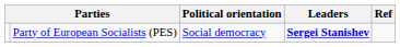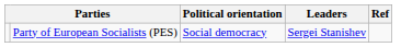 <table class="wikitable">
 <tr>
 <th colspan=2>Parties</th>
 <th>Political orientation</th>
 <th>Leaders</th>
 <th>Ref</th>
 </tr>
 <tr>
 <td style="background-color: "></td>
 <td><a href='#'>Party of European Socialists</a> (PES)</td>
 <td><a href='#'>Social democracy</a></td>
-<td><strong><a href='#'>Sergei Stanishev</a></strong></td>
+<td><a href='#'>Sergei Stanishev</a></td>
 <td></td>
 </tr>
 </table>
